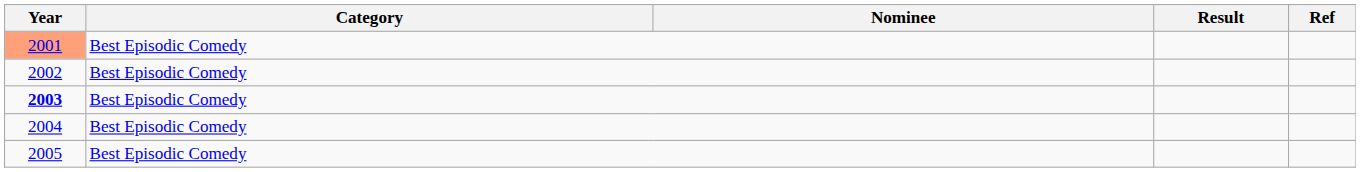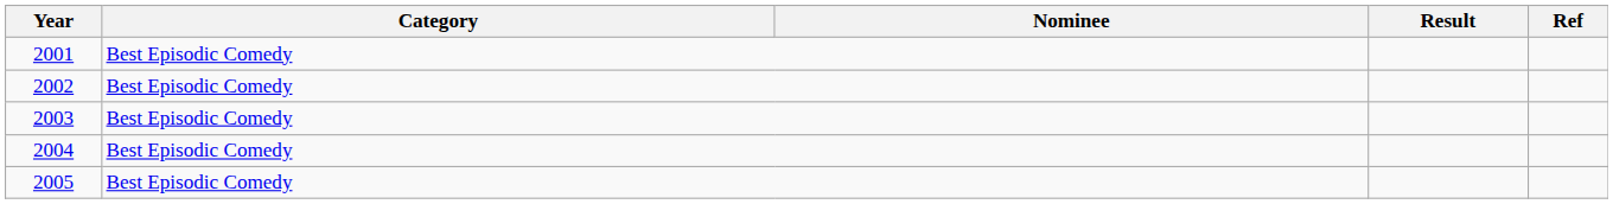 <table class="wikitable" style="width:100%;">
 <tr>
 <th style="width:6%;">Year</th>
 <th style="width:42%;">Category</th>
 <th style="width:37%;">Nominee</th>
 <th style="width:10%;">Result</th>
 <th style="width:5%;">Ref</th>
 </tr>
 <tr>
-<td style="background: lightsalmon; text-align:center;"><a href='#'>2001</a></td>
+<td style="text-align:center;"><a href='#'>2001</a></td>
 <td colspan="2"><a href='#'>Best Episodic Comedy</a></td>
 <td></td>
 <td style="text-align:center;"></td>
 </tr>
 <tr>
 <td style="text-align:center;"><a href='#'>2002</a></td>
 <td colspan="2"><a href='#'>Best Episodic Comedy</a></td>
 <td></td>
 <td style="text-align:center;"></td>
 </tr>
 <tr>
-<td style="text-align:center;"><strong><a href='#'>2003</a></strong></td>
+<td style="text-align:center;"><a href='#'>2003</a></td>
 <td colspan="2"><a href='#'>Best Episodic Comedy</a></td>
 <td></td>
 <td style="text-align:center;"></td>
 </tr>
 <tr>
 <td style="text-align:center;"><a href='#'>2004</a></td>
 <td colspan="2"><a href='#'>Best Episodic Comedy</a></td>
 <td></td>
 <td style="text-align:center;"></td>
 </tr>
 <tr>
 <td style="text-align:center;"><a href='#'>2005</a></td>
 <td colspan="2"><a href='#'>Best Episodic Comedy</a></td>
 <td></td>
 <td style="text-align:center;"></td>
 </tr>
 </table>
